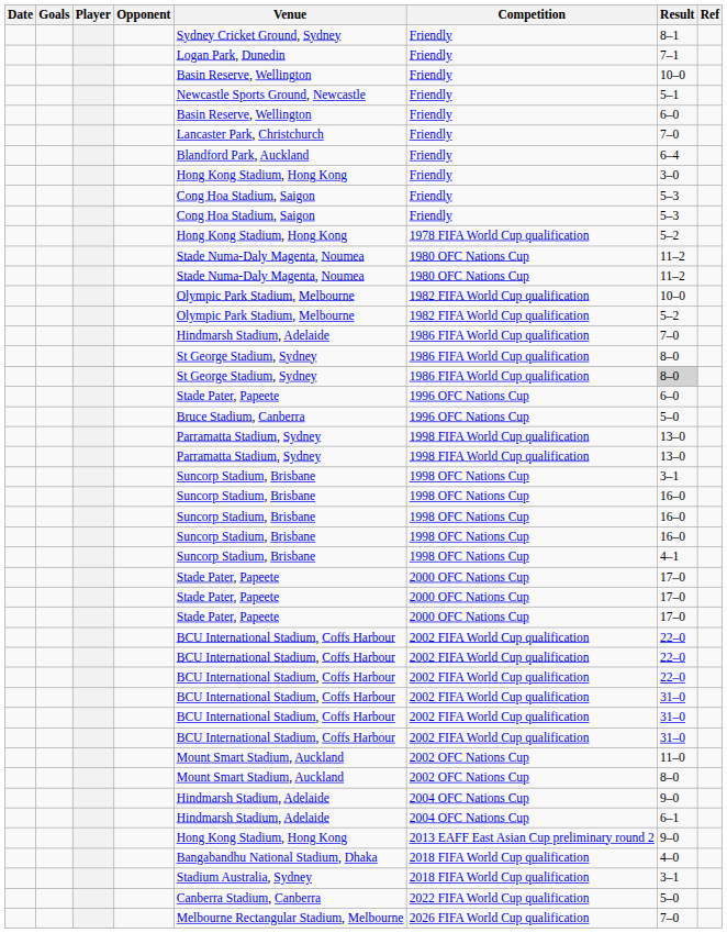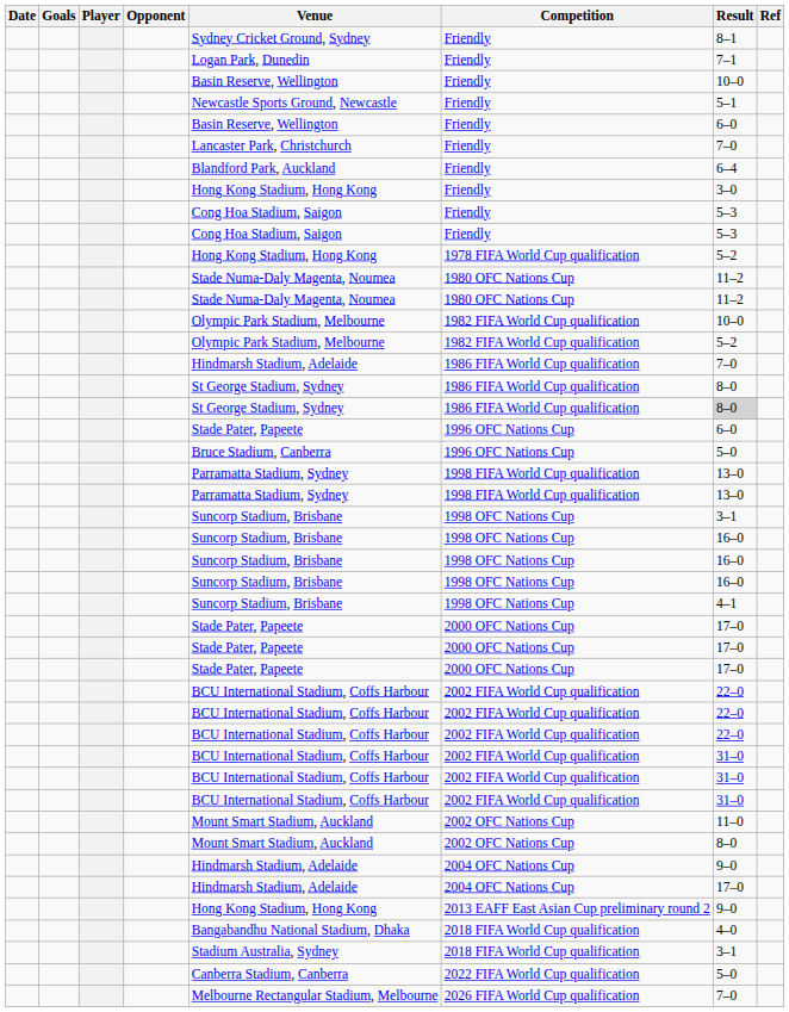 <table class="wikitable sortable plainrowheaders">
 <tr>
 <th scope="col">Date</th>
 <th scope="col">Goals</th>
 <th scope="col">Player</th>
 <th scope="col">Opponent</th>
 <th scope="col">Venue</th>
 <th scope="col">Competition</th>
 <th scope="col" class="align:center">Result</th>
 <th scope="col" class="unsortable">Ref</th>
 </tr>
 <tr>
 <td></td>
 <td></td>
 <th scope="row"></th>
 <td></td>
 <td><a href='#'>Sydney Cricket Ground</a>, <a href='#'>Sydney</a></td>
 <td><a href='#'>Friendly</a></td>
 <td>8–1</td>
 <td></td>
 </tr>
 <tr>
 <td></td>
 <td></td>
 <th scope="row"></th>
 <td></td>
 <td><a href='#'>Logan Park</a>, <a href='#'>Dunedin</a></td>
 <td><a href='#'>Friendly</a></td>
 <td>7–1</td>
 <td></td>
 </tr>
 <tr>
 <td></td>
 <td></td>
 <th scope="row"></th>
 <td></td>
 <td><a href='#'>Basin Reserve</a>, <a href='#'>Wellington</a></td>
 <td><a href='#'>Friendly</a></td>
 <td>10–0</td>
 <td></td>
 </tr>
 <tr>
 <td></td>
 <td></td>
 <th scope="row"></th>
 <td></td>
 <td><a href='#'>Newcastle Sports Ground</a>, <a href='#'>Newcastle</a></td>
 <td><a href='#'>Friendly</a></td>
 <td>5–1</td>
 <td></td>
 </tr>
 <tr>
 <td></td>
 <td></td>
 <th scope="row"></th>
 <td></td>
 <td><a href='#'>Basin Reserve</a>, <a href='#'>Wellington</a></td>
 <td><a href='#'>Friendly</a></td>
 <td>6–0</td>
 <td></td>
 </tr>
 <tr>
 <td></td>
 <td></td>
 <th scope="row"></th>
 <td></td>
 <td><a href='#'>Lancaster Park</a>, <a href='#'>Christchurch</a></td>
 <td><a href='#'>Friendly</a></td>
 <td>7–0</td>
 <td></td>
 </tr>
 <tr>
 <td></td>
 <td></td>
 <th scope="row"></th>
 <td></td>
 <td><a href='#'>Blandford Park</a>, <a href='#'>Auckland</a></td>
 <td><a href='#'>Friendly</a></td>
 <td>6–4</td>
 <td></td>
 </tr>
 <tr>
 <td></td>
 <td></td>
 <th scope="row"></th>
 <td></td>
 <td><a href='#'>Hong Kong Stadium</a>, <a href='#'>Hong Kong</a></td>
 <td><a href='#'>Friendly</a></td>
 <td>3–0</td>
 <td></td>
 </tr>
 <tr>
 <td></td>
 <td></td>
 <th scope="row"></th>
 <td></td>
 <td><a href='#'>Cong Hoa Stadium</a>, <a href='#'>Saigon</a></td>
 <td><a href='#'>Friendly</a></td>
 <td>5–3</td>
 <td></td>
 </tr>
 <tr>
 <td></td>
 <td></td>
 <th scope="row"></th>
 <td></td>
 <td><a href='#'>Cong Hoa Stadium</a>, <a href='#'>Saigon</a></td>
 <td><a href='#'>Friendly</a></td>
 <td>5–3</td>
 <td></td>
 </tr>
 <tr>
 <td></td>
 <td></td>
 <th scope="row"></th>
 <td></td>
 <td><a href='#'>Hong Kong Stadium</a>, <a href='#'>Hong Kong</a></td>
 <td><a href='#'>1978 FIFA World Cup qualification</a></td>
 <td>5–2</td>
 <td></td>
 </tr>
 <tr>
 <td></td>
 <td></td>
 <th scope="row"></th>
 <td></td>
 <td><a href='#'>Stade Numa-Daly Magenta</a>, <a href='#'>Noumea</a></td>
 <td><a href='#'>1980 OFC Nations Cup</a></td>
 <td>11–2</td>
 <td></td>
 </tr>
 <tr>
 <td></td>
 <td></td>
 <th scope="row"></th>
 <td></td>
 <td><a href='#'>Stade Numa-Daly Magenta</a>, <a href='#'>Noumea</a></td>
 <td><a href='#'>1980 OFC Nations Cup</a></td>
 <td>11–2</td>
 <td></td>
 </tr>
 <tr>
 <td></td>
 <td></td>
 <th scope="row"></th>
 <td></td>
 <td><a href='#'>Olympic Park Stadium</a>, <a href='#'>Melbourne</a></td>
 <td><a href='#'>1982 FIFA World Cup qualification</a></td>
 <td>10–0</td>
 <td></td>
 </tr>
 <tr>
 <td></td>
 <td></td>
 <th scope="row"></th>
 <td></td>
 <td><a href='#'>Olympic Park Stadium</a>, <a href='#'>Melbourne</a></td>
 <td><a href='#'>1982 FIFA World Cup qualification</a></td>
 <td>5–2</td>
 <td></td>
 </tr>
 <tr>
 <td></td>
 <td></td>
 <th scope="row"></th>
 <td></td>
 <td><a href='#'>Hindmarsh Stadium</a>, <a href='#'>Adelaide</a></td>
 <td><a href='#'>1986 FIFA World Cup qualification</a></td>
 <td>7–0</td>
 <td></td>
 </tr>
 <tr>
 <td></td>
 <td></td>
 <th scope="row"></th>
 <td></td>
 <td><a href='#'>St George Stadium</a>, <a href='#'>Sydney</a></td>
 <td><a href='#'>1986 FIFA World Cup qualification</a></td>
 <td>8–0</td>
 <td></td>
 </tr>
 <tr>
 <td></td>
 <td></td>
 <th scope="row"></th>
 <td></td>
 <td><a href='#'>St George Stadium</a>, <a href='#'>Sydney</a></td>
 <td><a href='#'>1986 FIFA World Cup qualification</a></td>
 <td style="background: lightgrey;">8–0</td>
 <td></td>
 </tr>
 <tr>
 <td></td>
 <td></td>
 <th scope="row"></th>
 <td></td>
 <td><a href='#'>Stade Pater</a>, <a href='#'>Papeete</a></td>
 <td><a href='#'>1996 OFC Nations Cup</a></td>
 <td>6–0</td>
 <td></td>
 </tr>
 <tr>
 <td></td>
 <td></td>
 <th scope="row"></th>
 <td></td>
 <td><a href='#'>Bruce Stadium</a>, <a href='#'>Canberra</a></td>
 <td><a href='#'>1996 OFC Nations Cup</a></td>
 <td>5–0</td>
 <td></td>
 </tr>
 <tr>
 <td></td>
 <td></td>
 <th scope="row"></th>
 <td></td>
 <td><a href='#'>Parramatta Stadium</a>, <a href='#'>Sydney</a></td>
 <td><a href='#'>1998 FIFA World Cup qualification</a></td>
 <td>13–0</td>
 <td></td>
 </tr>
 <tr>
 <td></td>
 <td></td>
 <th scope="row"></th>
 <td></td>
 <td><a href='#'>Parramatta Stadium</a>, <a href='#'>Sydney</a></td>
 <td><a href='#'>1998 FIFA World Cup qualification</a></td>
 <td>13–0</td>
 <td></td>
 </tr>
 <tr>
 <td></td>
 <td></td>
 <th scope="row"></th>
 <td></td>
 <td><a href='#'>Suncorp Stadium</a>, <a href='#'>Brisbane</a></td>
 <td><a href='#'>1998 OFC Nations Cup</a></td>
 <td>3–1</td>
 <td></td>
 </tr>
 <tr>
 <td></td>
 <td></td>
 <th scope="row"></th>
 <td></td>
 <td><a href='#'>Suncorp Stadium</a>, <a href='#'>Brisbane</a></td>
 <td><a href='#'>1998 OFC Nations Cup</a></td>
 <td>16–0</td>
 <td></td>
 </tr>
 <tr>
 <td></td>
 <td></td>
 <th scope="row"></th>
 <td></td>
 <td><a href='#'>Suncorp Stadium</a>, <a href='#'>Brisbane</a></td>
 <td><a href='#'>1998 OFC Nations Cup</a></td>
 <td>16–0</td>
 <td></td>
 </tr>
 <tr>
 <td></td>
 <td></td>
 <th scope="row"></th>
 <td></td>
 <td><a href='#'>Suncorp Stadium</a>, <a href='#'>Brisbane</a></td>
 <td><a href='#'>1998 OFC Nations Cup</a></td>
 <td>16–0</td>
 <td></td>
 </tr>
 <tr>
 <td></td>
 <td></td>
 <th scope="row"></th>
 <td></td>
 <td><a href='#'>Suncorp Stadium</a>, <a href='#'>Brisbane</a></td>
 <td><a href='#'>1998 OFC Nations Cup</a></td>
 <td>4–1</td>
 <td></td>
 </tr>
 <tr>
 <td></td>
 <td></td>
 <th scope="row"></th>
 <td></td>
 <td><a href='#'>Stade Pater</a>, <a href='#'>Papeete</a></td>
 <td><a href='#'>2000 OFC Nations Cup</a></td>
 <td>17–0</td>
 <td></td>
 </tr>
 <tr>
 <td></td>
 <td></td>
 <th scope="row"></th>
 <td></td>
 <td><a href='#'>Stade Pater</a>, <a href='#'>Papeete</a></td>
 <td><a href='#'>2000 OFC Nations Cup</a></td>
 <td>17–0</td>
 <td></td>
 </tr>
 <tr>
 <td></td>
 <td></td>
 <th scope="row"></th>
 <td></td>
 <td><a href='#'>Stade Pater</a>, <a href='#'>Papeete</a></td>
 <td><a href='#'>2000 OFC Nations Cup</a></td>
 <td>17–0</td>
 <td></td>
 </tr>
 <tr>
 <td></td>
 <td></td>
 <th scope="row"></th>
 <td></td>
 <td><a href='#'>BCU International Stadium</a>, <a href='#'>Coffs Harbour</a></td>
 <td><a href='#'>2002 FIFA World Cup qualification</a></td>
 <td><a href='#'>22–0</a></td>
 <td></td>
 </tr>
 <tr>
 <td></td>
 <td></td>
 <th scope="row"></th>
 <td></td>
 <td><a href='#'>BCU International Stadium</a>, <a href='#'>Coffs Harbour</a></td>
 <td><a href='#'>2002 FIFA World Cup qualification</a></td>
 <td><a href='#'>22–0</a></td>
 <td></td>
 </tr>
 <tr>
 <td></td>
 <td></td>
 <th scope="row"></th>
 <td></td>
 <td><a href='#'>BCU International Stadium</a>, <a href='#'>Coffs Harbour</a></td>
 <td><a href='#'>2002 FIFA World Cup qualification</a></td>
 <td><a href='#'>22–0</a></td>
 <td></td>
 </tr>
 <tr>
 <td></td>
 <td></td>
 <th scope="row"></th>
 <td></td>
 <td><a href='#'>BCU International Stadium</a>, <a href='#'>Coffs Harbour</a></td>
 <td><a href='#'>2002 FIFA World Cup qualification</a></td>
 <td><a href='#'>31–0</a></td>
 <td></td>
 </tr>
 <tr>
 <td></td>
 <td></td>
 <th scope="row"></th>
 <td></td>
 <td><a href='#'>BCU International Stadium</a>, <a href='#'>Coffs Harbour</a></td>
 <td><a href='#'>2002 FIFA World Cup qualification</a></td>
 <td><a href='#'>31–0</a></td>
 <td></td>
 </tr>
 <tr>
 <td></td>
 <td></td>
 <th scope="row"></th>
 <td></td>
 <td><a href='#'>BCU International Stadium</a>, <a href='#'>Coffs Harbour</a></td>
 <td><a href='#'>2002 FIFA World Cup qualification</a></td>
 <td><a href='#'>31–0</a></td>
 <td></td>
 </tr>
 <tr>
 <td></td>
 <td></td>
 <th scope="row"></th>
 <td></td>
 <td><a href='#'>Mount Smart Stadium</a>, <a href='#'>Auckland</a></td>
 <td><a href='#'>2002 OFC Nations Cup</a></td>
 <td>11–0</td>
 <td></td>
 </tr>
 <tr>
 <td></td>
 <td></td>
 <th scope="row"></th>
 <td></td>
 <td><a href='#'>Mount Smart Stadium</a>, <a href='#'>Auckland</a></td>
 <td><a href='#'>2002 OFC Nations Cup</a></td>
 <td>8–0</td>
 <td></td>
 </tr>
 <tr>
 <td></td>
 <td></td>
 <th scope="row"></th>
 <td></td>
 <td><a href='#'>Hindmarsh Stadium</a>, <a href='#'>Adelaide</a></td>
 <td><a href='#'>2004 OFC Nations Cup</a></td>
 <td>9–0</td>
 <td></td>
 </tr>
 <tr>
 <td></td>
 <td></td>
 <th scope="row"></th>
 <td></td>
 <td><a href='#'>Hindmarsh Stadium</a>, <a href='#'>Adelaide</a></td>
 <td><a href='#'>2004 OFC Nations Cup</a></td>
-<td>6–1</td>
+<td>17–0</td>
 <td></td>
 </tr>
 <tr>
 <td></td>
 <td></td>
 <th scope="row"></th>
 <td></td>
 <td><a href='#'>Hong Kong Stadium</a>, <a href='#'>Hong Kong</a></td>
 <td><a href='#'>2013 EAFF East Asian Cup preliminary round 2</a></td>
 <td>9–0</td>
 <td></td>
 </tr>
 <tr>
 <td></td>
 <td></td>
 <th scope="row"></th>
 <td></td>
 <td><a href='#'>Bangabandhu National Stadium</a>, <a href='#'>Dhaka</a></td>
 <td><a href='#'>2018 FIFA World Cup qualification</a></td>
 <td>4–0</td>
 <td></td>
 </tr>
 <tr>
 <td></td>
 <td></td>
 <th scope="row"></th>
 <td></td>
 <td><a href='#'>Stadium Australia</a>, <a href='#'>Sydney</a></td>
 <td><a href='#'>2018 FIFA World Cup qualification</a></td>
 <td>3–1</td>
 <td></td>
 </tr>
 <tr>
 <td></td>
 <td></td>
 <th scope="row"></th>
 <td></td>
 <td><a href='#'>Canberra Stadium</a>, <a href='#'>Canberra</a></td>
 <td><a href='#'>2022 FIFA World Cup qualification</a></td>
 <td>5–0</td>
 <td></td>
 </tr>
 <tr>
 <td></td>
 <td></td>
 <th scope="row"></th>
 <td></td>
 <td><a href='#'>Melbourne Rectangular Stadium</a>, <a href='#'>Melbourne</a></td>
 <td><a href='#'>2026 FIFA World Cup qualification</a></td>
 <td>7–0</td>
 <td></td>
 </tr>
 </table>
